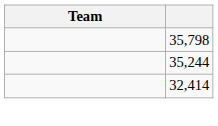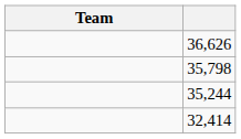 <table class="wikitable" style="display:inline-table;">
 <tr>
 <th width=170>Team</th>
 <th></th>
+</tr>
+<tr>
+<td></td>
+<td style="text-align: right;">36,626</td>
 </tr>
 <tr>
 <td></td>
 <td style="text-align: right;">35,798</td>
 </tr>
 <tr>
 <td></td>
 <td style="text-align: right;">35,244</td>
 </tr>
 <tr>
 <td></td>
 <td style="text-align: right;">32,414</td>
 </tr>
 </table>
